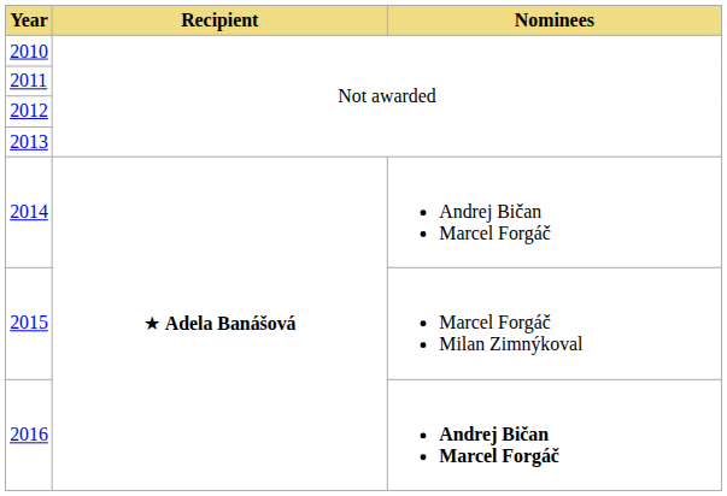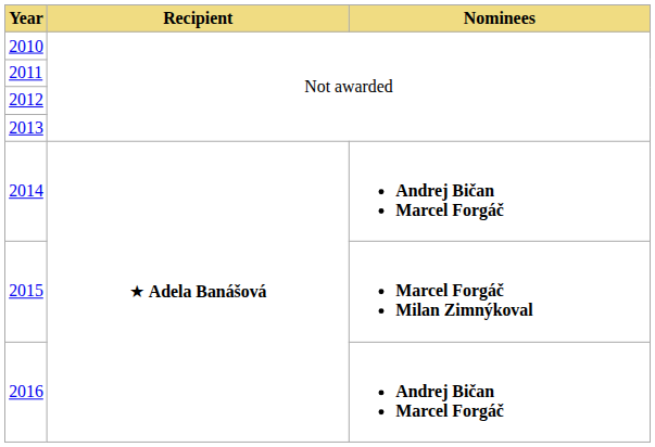 <table class=wikitable sortable style="background:white">
 <tr>
 <th style=background:#F0DC82>Year</th>
 <th style=background:#F0DC82 width=273>Recipient</th>
 <th style=background:#F0DC82 width=273>Nominees</th>
 </tr>
 <tr>
 <td><a href='#'>2010</a></td>
 <td rowspan=4 colspan=2 align=center>Not awarded</td>
 </tr>
 <tr>
 <td><a href='#'>2011</a></td>
 </tr>
 <tr>
 <td><a href='#'>2012</a></td>
 </tr>
 <tr>
 <td><a href='#'>2013</a></td>
 </tr>
 <tr>
 <td><a href='#'>2014</a></td>
 <td rowspan=3 align=center>★ <strong>Adela Banášová</strong> <br></td>
-<td><br><ul><li>Andrej Bičan</li><li>Marcel Forgáč</li></ul></td>
+<td><strong><br><ul><li>Andrej Bičan</li><li>Marcel Forgáč</li></ul></strong></td>
 </tr>
 <tr>
 <td><a href='#'>2015</a></td>
-<td><br><ul><li>Marcel Forgáč</li><li>Milan Zimnýkoval</li></ul></td>
+<td><strong><br><ul><li>Marcel Forgáč</li><li>Milan Zimnýkoval</li></ul></strong></td>
 </tr>
 <tr>
 <td><a href='#'>2016</a></td>
 <td><strong><br><ul><li>Andrej Bičan</li><li>Marcel Forgáč</li></ul></strong></td>
 </tr>
 </table>
